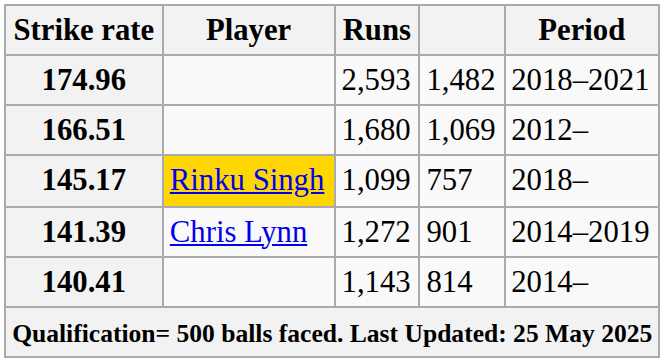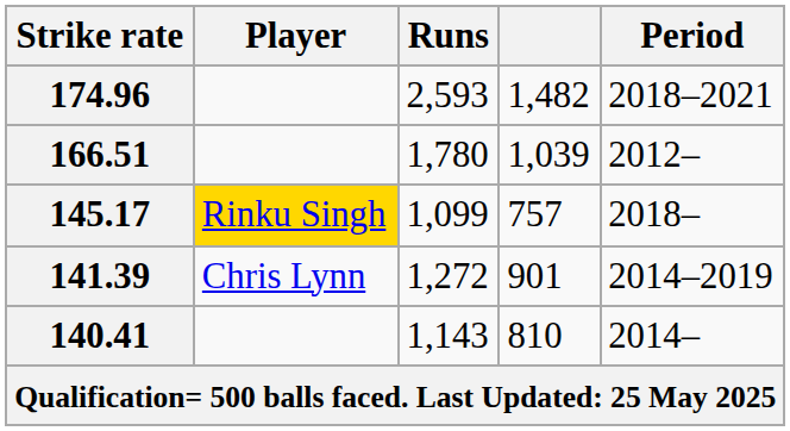 <table class="wikitable" style="text-align:left;font-size:96%;">
 <tr>
 <th>Strike rate</th>
 <th>Player</th>
 <th>Runs</th>
 <th></th>
 <th>Period</th>
 </tr>
 <tr>
 <th scope=row style=text-align:center;>174.96</th>
 <td></td>
 <td>2,593</td>
 <td>1,482</td>
 <td>2018–2021</td>
 </tr>
 <tr>
 <th scope=row style=text-align:center;>166.51</th>
 <td></td>
-<td>1,680</td>
-<td>1,069</td>
+<td>1,780</td>
+<td>1,039</td>
 <td>2012–</td>
 </tr>
 <tr>
 <th scope=row style=text-align:center;>145.17</th>
 <td style="background: gold;"><a href='#'>Rinku Singh</a></td>
 <td>1,099</td>
 <td>757</td>
 <td>2018–</td>
 </tr>
 <tr>
 <th scope=row style=text-align:center;>141.39</th>
 <td><a href='#'>Chris Lynn</a></td>
 <td>1,272</td>
 <td>901</td>
 <td>2014–2019</td>
 </tr>
 <tr>
 <th scope=row style=text-align:center;>140.41</th>
 <td></td>
 <td>1,143</td>
-<td>814</td>
+<td>810</td>
 <td>2014–</td>
 </tr>
 <tr class=sortbottom>
 <th colspan=6><small>Qualification= 500 balls faced. Last Updated: 25 May 2025</small></th>
 </tr>
 </table>
